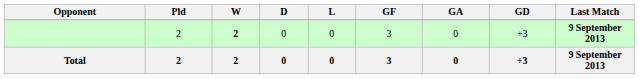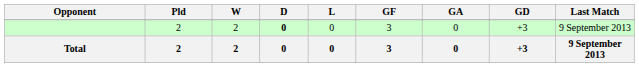 <table class="wikitable sortable" style="text-align: center">
 <tr>
 <th width=220>Opponent<br></th>
 <th width=100>Pld<br></th>
 <th width=70>W<br></th>
 <th width=70>D<br></th>
 <th width=70>L<br></th>
 <th width=100>GF<br></th>
 <th width=100>GA<br></th>
 <th width=100>GD<br></th>
 <th width=120>Last Match<br></th>
 </tr>
 <tr>
 </tr>
 <tr bgcolor="#CCFFCC">
 <td style="text-align:left;"></td>
 <td>2</td>
-<td><strong>2</strong></td>
-<td>0</td>
+<td>2</td>
+<td><strong>0</strong></td>
 <td>0</td>
 <td>3</td>
 <td>0</td>
 <td>+3</td>
-<td><strong>9 September 2013</strong></td>
+<td>9 September 2013</td>
 </tr>
 <tr class="sortbottom">
 <th>Total</th>
 <th>2</th>
 <th>2</th>
 <th>0</th>
 <th>0</th>
 <th>3</th>
 <th>0</th>
 <th>+3</th>
 <th>9 September 2013</th>
 </tr>
 </table>
